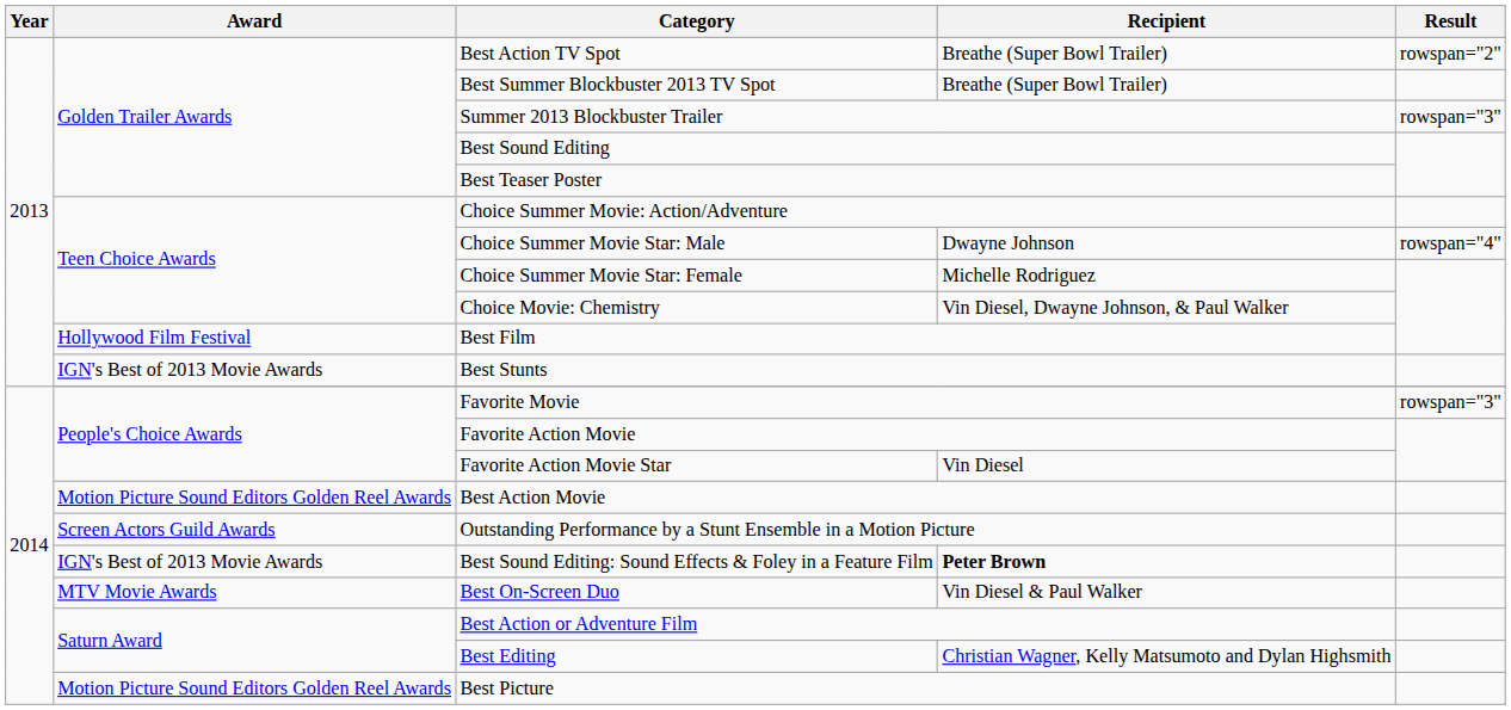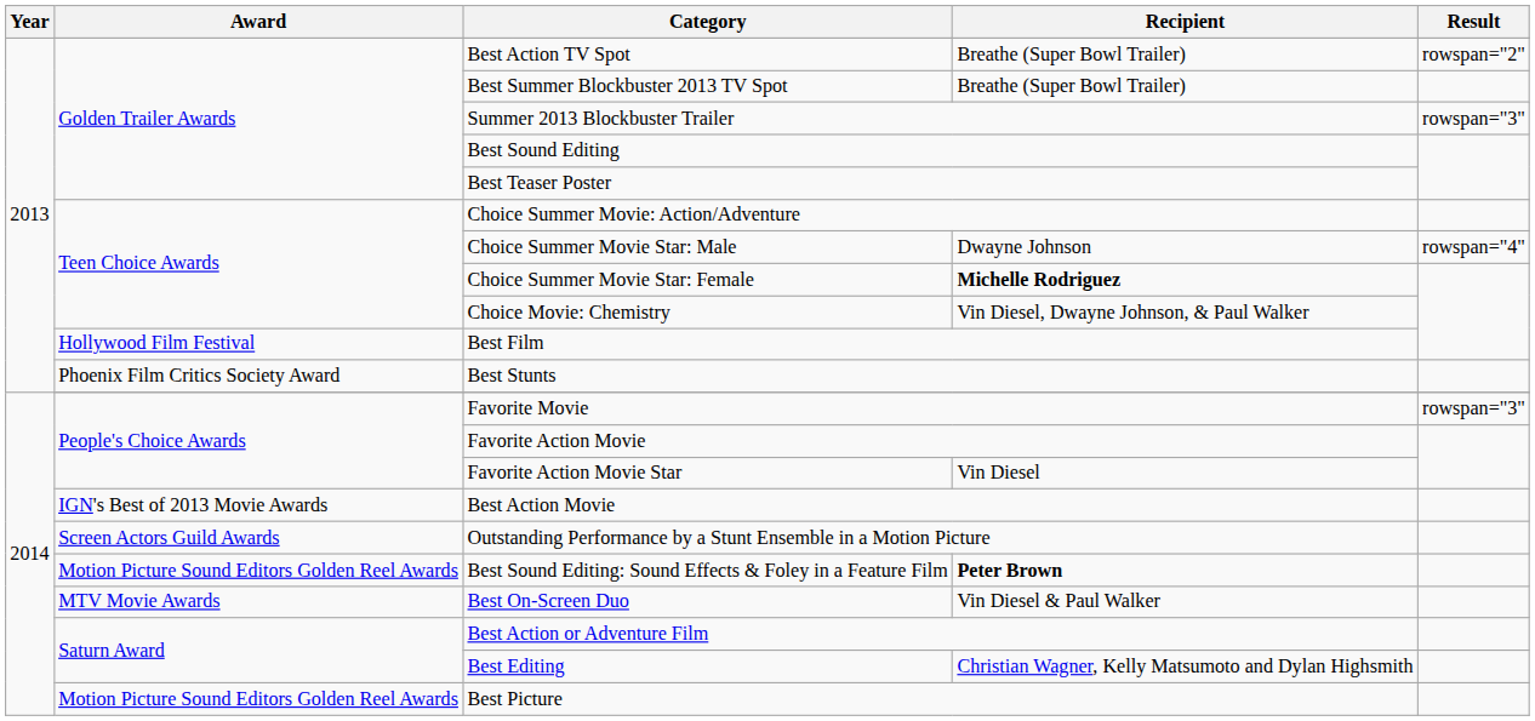 <table class="wikitable" style="font-size:90%;">
 <tr>
 <th>Year</th>
 <th>Award</th>
 <th>Category</th>
 <th>Recipient</th>
 <th>Result</th>
 </tr>
 <tr>
 <td rowspan="12">2013</td>
 </tr>
 <tr>
 <td rowspan="5"><a href='#'>Golden Trailer Awards</a></td>
 <td>Best Action TV Spot</td>
 <td>Breathe (Super Bowl Trailer)</td>
 <td>rowspan="2" </td>
 </tr>
 <tr>
 <td>Best Summer Blockbuster 2013 TV Spot</td>
 <td>Breathe (Super Bowl Trailer)</td>
 </tr>
 <tr>
 <td colspan="2">Summer 2013 Blockbuster Trailer</td>
 <td>rowspan="3" </td>
 </tr>
 <tr>
 <td colspan="2">Best Sound Editing</td>
 </tr>
 <tr>
 <td colspan="2">Best Teaser Poster</td>
 </tr>
 <tr>
 <td rowspan="4"><a href='#'>Teen Choice Awards</a></td>
 <td colspan="2">Choice Summer Movie: Action/Adventure</td>
 <td></td>
 </tr>
 <tr>
 <td>Choice Summer Movie Star: Male</td>
 <td>Dwayne Johnson</td>
 <td>rowspan="4" </td>
 </tr>
 <tr>
 <td>Choice Summer Movie Star: Female</td>
-<td>Michelle Rodriguez</td>
+<td><strong>Michelle Rodriguez</strong></td>
 </tr>
 <tr>
 <td>Choice Movie: Chemistry</td>
 <td>Vin Diesel, Dwayne Johnson, & Paul Walker</td>
 </tr>
 <tr>
 <td rowspan="1"><a href='#'>Hollywood Film Festival</a></td>
 <td colspan="2">Best Film</td>
 </tr>
 <tr>
-<td rowspan="1"><a href='#'>IGN</a>'s Best of 2013 Movie Awards</td>
+<td rowspan"1">Phoenix Film Critics Society Award</td>
 <td colspan="2">Best Stunts</td>
 <td></td>
 </tr>
 <tr>
 <td rowspan="11">2014</td>
 </tr>
 <tr>
 <td rowspan="3"><a href='#'>People's Choice Awards</a></td>
 <td colspan="2">Favorite Movie</td>
 <td>rowspan="3" </td>
 </tr>
 <tr>
 <td colspan="2">Favorite Action Movie</td>
 </tr>
 <tr>
 <td>Favorite Action Movie Star</td>
 <td>Vin Diesel</td>
 </tr>
 <tr>
-<td><a href='#'>Motion Picture Sound Editors Golden Reel Awards</a></td>
+<td rowspan="1"><a href='#'>IGN</a>'s Best of 2013 Movie Awards</td>
 <td colspan="2">Best Action Movie</td>
 <td></td>
 </tr>
 <tr>
 <td rowspan="1"><a href='#'>Screen Actors Guild Awards</a></td>
 <td colspan="2">Outstanding Performance by a Stunt Ensemble in a Motion Picture</td>
 <td></td>
 </tr>
 <tr>
-<td rowspan="1"><a href='#'>IGN</a>'s Best of 2013 Movie Awards</td>
+<td><a href='#'>Motion Picture Sound Editors Golden Reel Awards</a></td>
 <td>Best Sound Editing: Sound Effects & Foley in a Feature Film</td>
 <td><strong>Peter Brown</strong></td>
 <td></td>
 </tr>
 <tr>
 <td><a href='#'>MTV Movie Awards</a></td>
 <td><a href='#'>Best On-Screen Duo</a></td>
 <td>Vin Diesel & Paul Walker</td>
 <td></td>
 </tr>
 <tr>
 <td rowspan="2"><a href='#'>Saturn Award</a></td>
 <td colspan="2"><a href='#'>Best Action or Adventure Film</a></td>
 <td></td>
 </tr>
 <tr>
 <td><a href='#'>Best Editing</a></td>
 <td><a href='#'>Christian Wagner</a>, Kelly Matsumoto and Dylan Highsmith</td>
 <td></td>
 </tr>
 <tr>
 <td><a href='#'>Motion Picture Sound Editors Golden Reel Awards</a></td>
 <td colspan="2">Best Picture</td>
 <td></td>
 </tr>
 </table>
